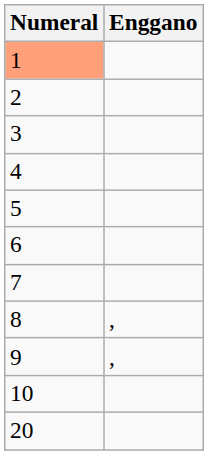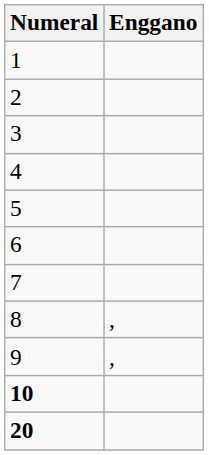 <table class=wikitable>
 <tr>
 <th>Numeral</th>
 <th>Enggano</th>
 </tr>
 <tr>
-<td style="background: lightsalmon;">1</td>
+<td>1</td>
 <td></td>
 </tr>
 <tr>
 <td>2</td>
 <td></td>
 </tr>
 <tr>
 <td>3</td>
 <td></td>
 </tr>
 <tr>
 <td>4</td>
 <td></td>
 </tr>
 <tr>
 <td>5</td>
 <td></td>
 </tr>
 <tr>
 <td>6</td>
 <td></td>
 </tr>
 <tr>
 <td>7</td>
 <td></td>
 </tr>
 <tr>
 <td>8</td>
 <td>, </td>
 </tr>
 <tr>
 <td>9</td>
 <td>, </td>
 </tr>
 <tr>
-<td>10</td>
+<td><strong>10</strong></td>
 <td></td>
 </tr>
 <tr>
-<td>20</td>
+<td><strong>20</strong></td>
 <td></td>
 </tr>
 </table>
